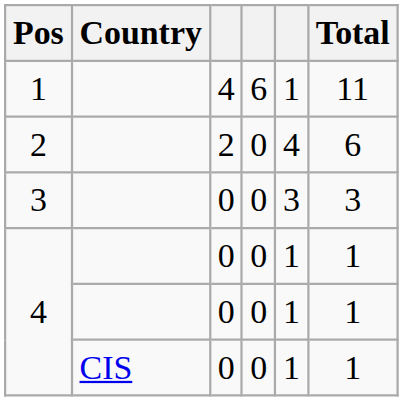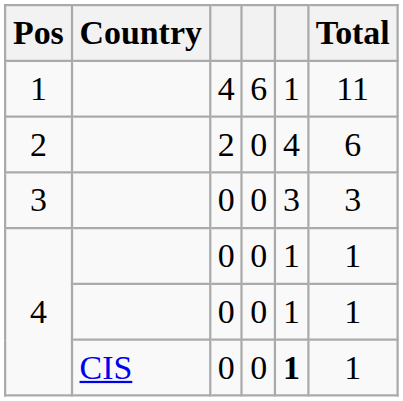 <table class=wikitable style="font-size:95%; text-align: center">
 <tr>
 <th>Pos</th>
 <th>Country</th>
 <th></th>
 <th></th>
 <th></th>
 <th>Total</th>
 </tr>
 <tr>
 <td>1</td>
 <td style=text-align:left></td>
 <td>4</td>
 <td>6</td>
 <td>1</td>
 <td>11</td>
 </tr>
 <tr>
 <td>2</td>
 <td style=text-align:left></td>
 <td>2</td>
 <td>0</td>
 <td>4</td>
 <td>6</td>
 </tr>
 <tr>
 <td>3</td>
 <td style=text-align:left></td>
 <td>0</td>
 <td>0</td>
 <td>3</td>
 <td>3</td>
 </tr>
 <tr>
 <td rowspan=3>4</td>
 <td style=text-align:left></td>
 <td>0</td>
 <td>0</td>
 <td>1</td>
 <td>1</td>
 </tr>
 <tr>
 <td style=text-align:left></td>
 <td>0</td>
 <td>0</td>
 <td>1</td>
 <td>1</td>
 </tr>
 <tr>
 <td style=text-align:left> <a href='#'>CIS</a></td>
 <td>0</td>
 <td>0</td>
-<td>1</td>
+<td><strong>1</strong></td>
 <td>1</td>
 </tr>
 </table>
